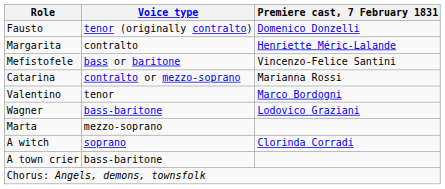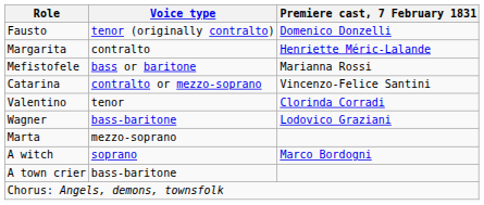 <table class="wikitable">
 <tr>
 <th>Role</th>
 <th><a href='#'>Voice type</a></th>
 <th>Premiere cast, 7 February 1831</th>
 </tr>
 <tr>
 <td>Fausto</td>
 <td><a href='#'>tenor</a> (originally <a href='#'>contralto</a>)</td>
 <td><a href='#'>Domenico Donzelli</a></td>
 </tr>
 <tr>
 <td>Margarita</td>
 <td>contralto</td>
 <td><a href='#'>Henriette Méric-Lalande</a></td>
 </tr>
 <tr>
 <td>Mefistofele</td>
 <td><a href='#'>bass</a> or <a href='#'>baritone</a></td>
-<td>Vincenzo-Felice Santini</td>
+<td>Marianna Rossi</td>
 </tr>
 <tr>
 <td>Catarina</td>
 <td><a href='#'>contralto</a> or <a href='#'>mezzo-soprano</a></td>
-<td>Marianna Rossi</td>
+<td>Vincenzo-Felice Santini</td>
 </tr>
 <tr>
 <td>Valentino</td>
 <td>tenor</td>
-<td><a href='#'>Marco Bordogni</a></td>
+<td><a href='#'>Clorinda Corradi</a></td>
 </tr>
 <tr>
 <td>Wagner</td>
 <td><a href='#'>bass-baritone</a></td>
 <td><a href='#'>Lodovico Graziani</a></td>
 </tr>
 <tr>
 <td>Marta</td>
 <td>mezzo-soprano</td>
 <td></td>
 </tr>
 <tr>
 <td>A witch</td>
 <td><a href='#'>soprano</a></td>
-<td><a href='#'>Clorinda Corradi</a></td>
+<td><a href='#'>Marco Bordogni</a></td>
 </tr>
 <tr>
 <td>A town crier</td>
 <td>bass-baritone</td>
 <td></td>
 </tr>
 <tr>
 <td colspan="5" style=max-width:60em>Chorus: <em>Angels, demons, townsfolk</em></td>
 </tr>
 </table>
